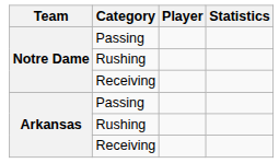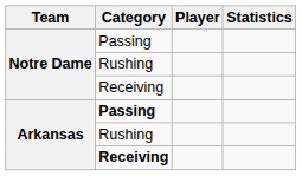 <table class="wikitable" style="float:right">
 <tr>
 <th>Team</th>
 <th>Category</th>
 <th>Player</th>
 <th>Statistics</th>
 </tr>
 <tr>
 <th rowspan=3>Notre Dame</th>
 <td>Passing</td>
 <td></td>
 <td></td>
 </tr>
 <tr>
 <td>Rushing</td>
 <td></td>
 <td></td>
 </tr>
 <tr>
 <td>Receiving</td>
 <td></td>
 <td></td>
 </tr>
 <tr>
 <th rowspan=3>Arkansas</th>
-<td>Passing</td>
+<td><strong>Passing</strong></td>
 <td></td>
 <td></td>
 </tr>
 <tr>
 <td>Rushing</td>
 <td></td>
 <td></td>
 </tr>
 <tr>
-<td>Receiving</td>
+<td><strong>Receiving</strong></td>
 <td></td>
 <td></td>
 </tr>
 </table>
